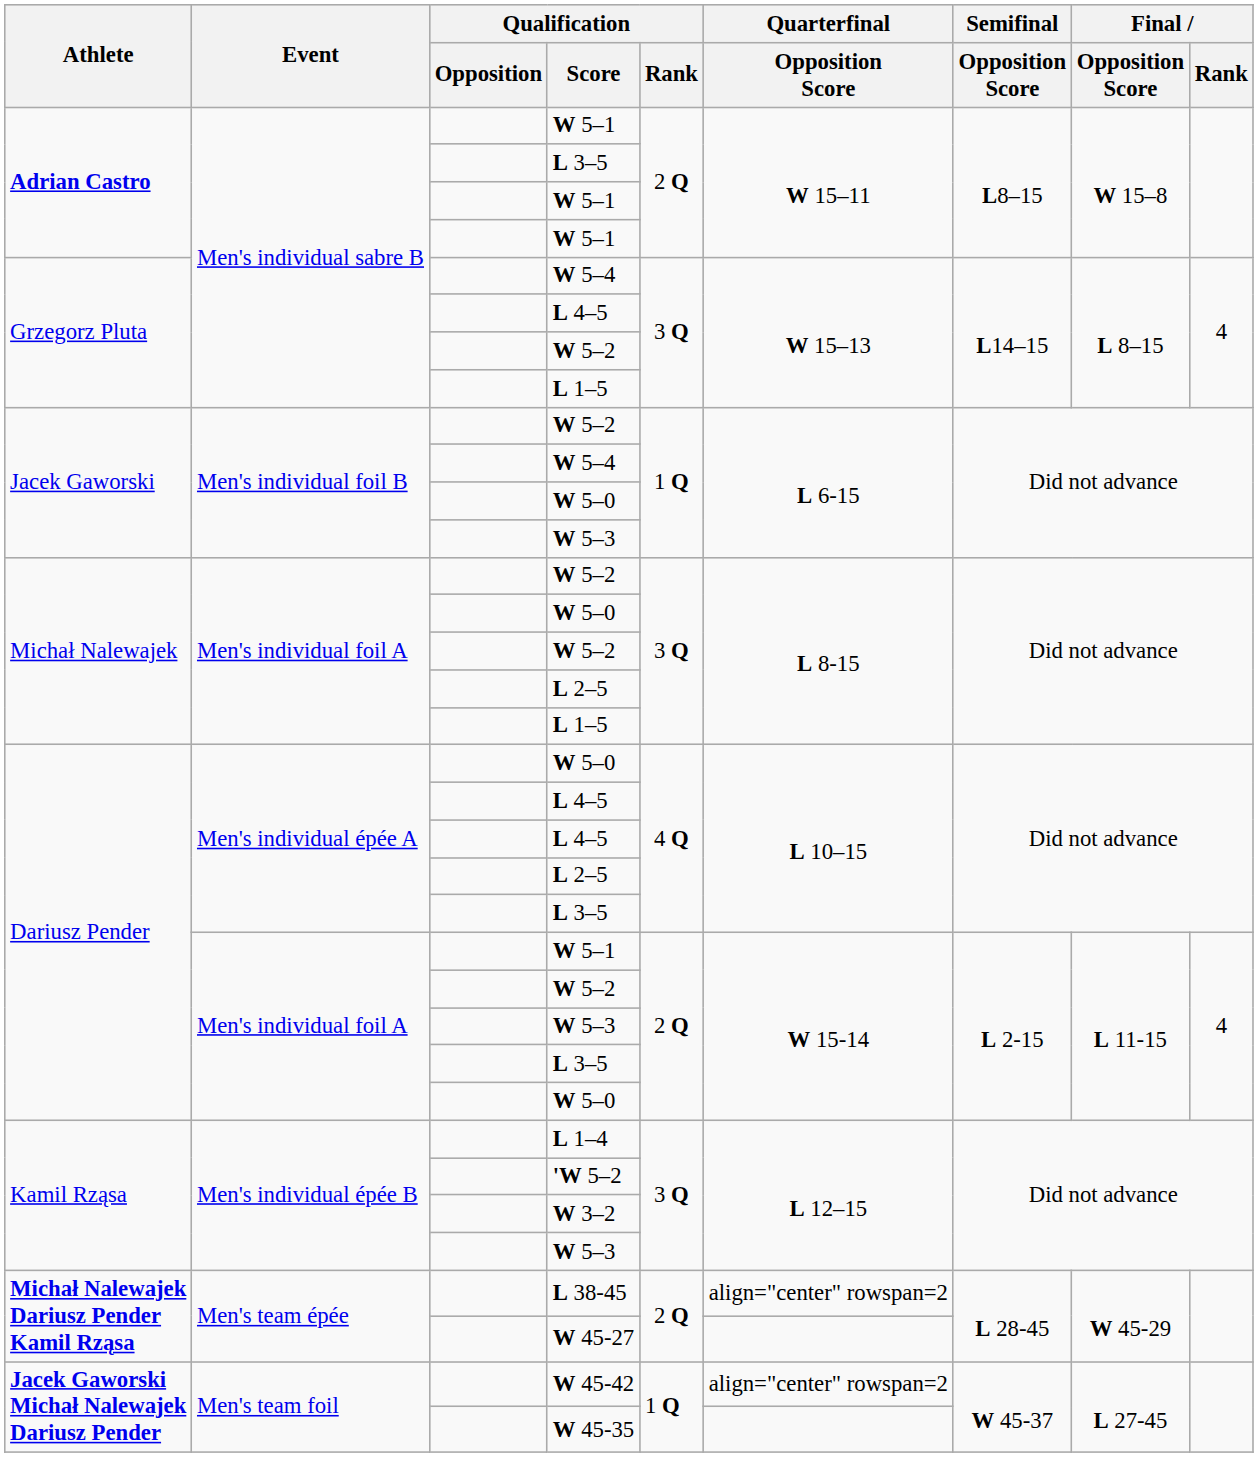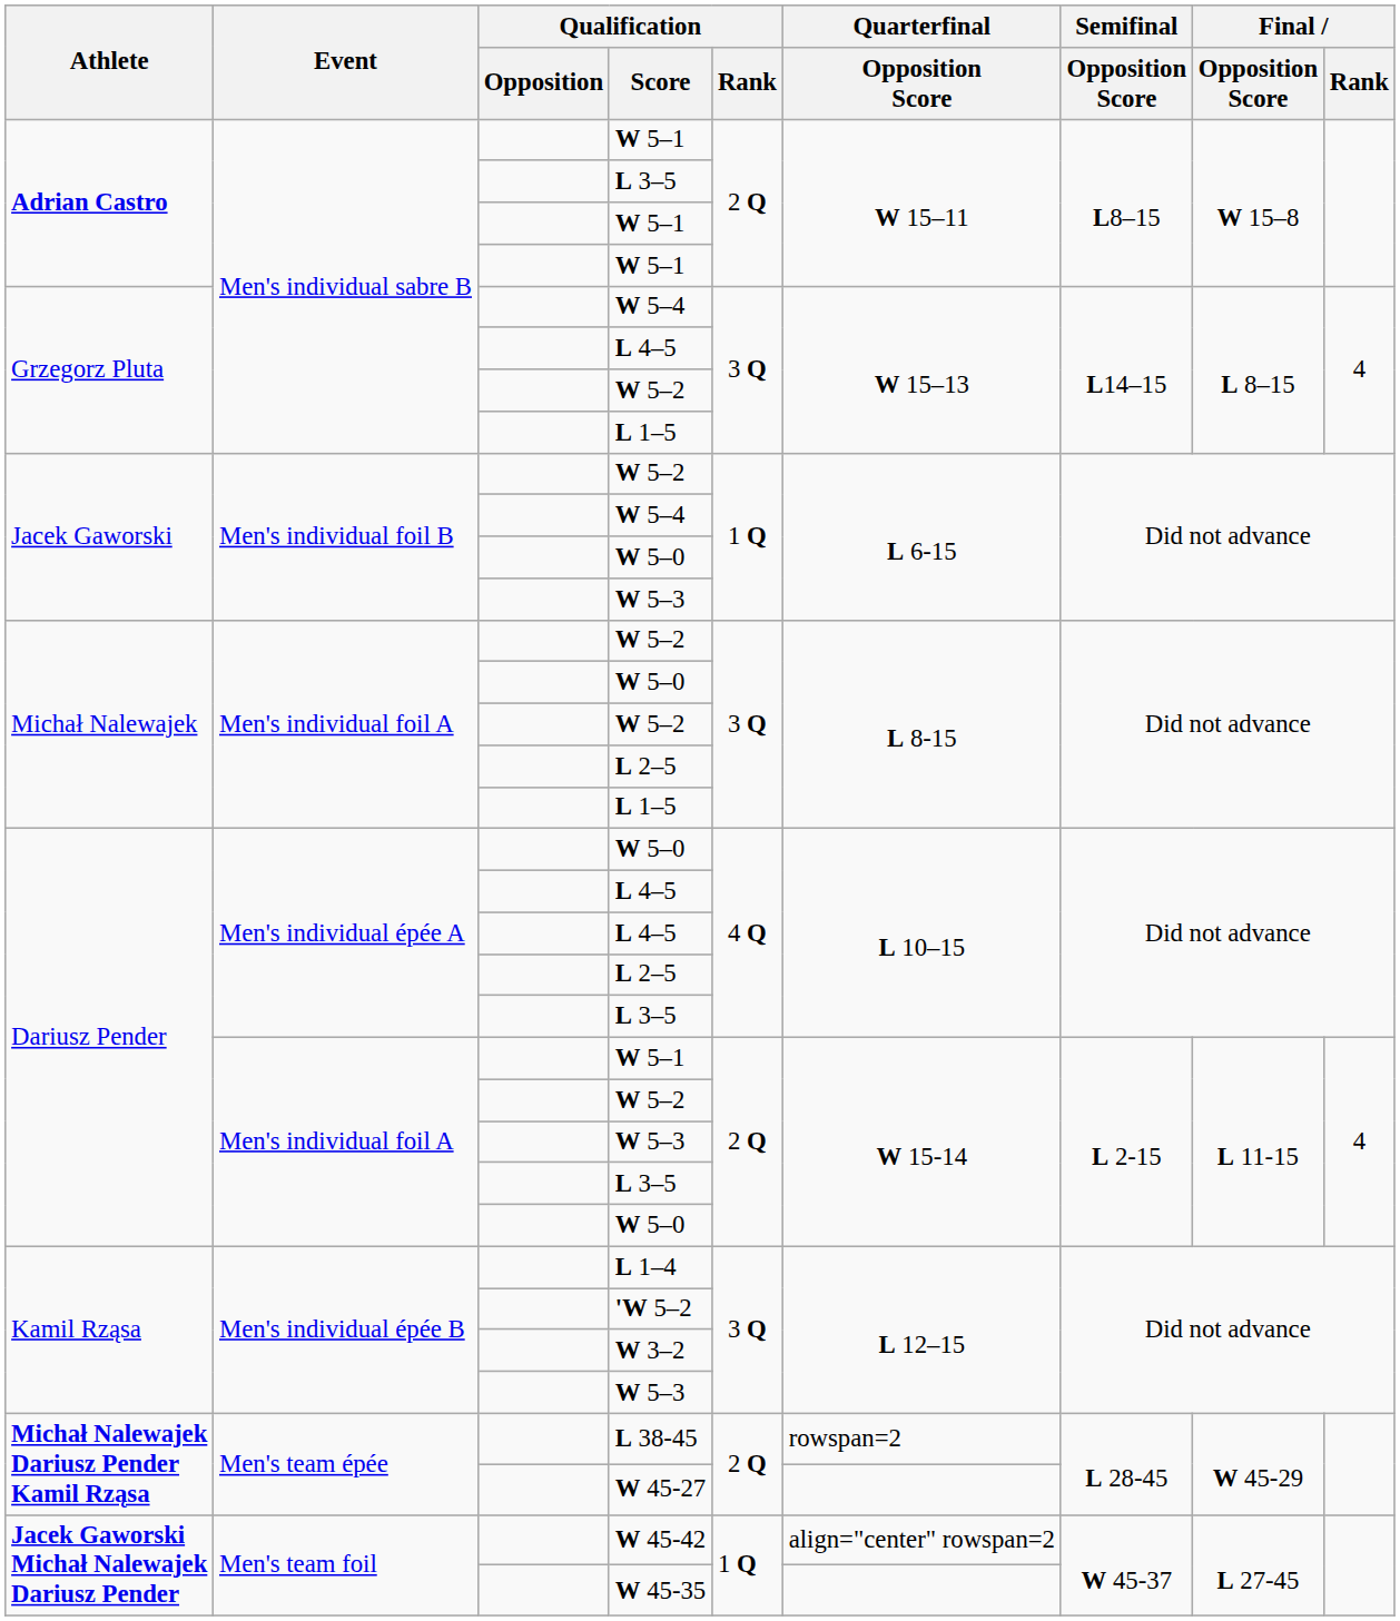 <table class=wikitable style="font-size:90%">
 <tr>
 <th rowspan="2">Athlete</th>
 <th rowspan="2">Event</th>
 <th colspan="3">Qualification</th>
 <th>Quarterfinal</th>
 <th>Semifinal</th>
 <th colspan="2">Final / </th>
 </tr>
 <tr>
 <th>Opposition</th>
 <th>Score</th>
 <th>Rank</th>
 <th>Opposition<br>Score</th>
 <th>Opposition<br>Score</th>
 <th>Opposition<br>Score</th>
 <th>Rank</th>
 </tr>
 <tr>
 <td rowspan=4><strong><a href='#'>Adrian Castro</a></strong></td>
 <td rowspan=8><a href='#'>Men's individual sabre B</a></td>
 <td></td>
 <td><strong>W</strong> 5–1</td>
 <td align="center" rowspan=4>2 <strong>Q</strong></td>
 <td align="center" rowspan=4><br><strong>W</strong> 15–11</td>
 <td align="center" rowspan=4><br><strong>L</strong>8–15</td>
 <td align="center" rowspan=4><br><strong>W</strong> 15–8</td>
 <td align="center" rowspan=4></td>
 </tr>
 <tr>
 <td></td>
 <td><strong>L</strong> 3–5</td>
 </tr>
 <tr>
 <td></td>
 <td><strong>W</strong> 5–1</td>
 </tr>
 <tr>
 <td></td>
 <td><strong>W</strong> 5–1</td>
 </tr>
 <tr>
 <td rowspan=4><a href='#'>Grzegorz Pluta</a></td>
 <td></td>
 <td><strong>W</strong> 5–4</td>
 <td align="center" rowspan=4>3 <strong>Q</strong></td>
 <td align="center" rowspan=4><br><strong>W</strong> 15–13</td>
 <td align="center" rowspan=4><br><strong>L</strong>14–15</td>
 <td align="center" rowspan=4><br><strong>L</strong> 8–15</td>
 <td align="center" rowspan=4>4</td>
 </tr>
 <tr>
 <td></td>
 <td><strong>L</strong> 4–5</td>
 </tr>
 <tr>
 <td></td>
 <td><strong>W</strong> 5–2</td>
 </tr>
 <tr>
 <td></td>
 <td><strong>L</strong> 1–5</td>
 </tr>
 <tr>
 <td rowspan=4><a href='#'>Jacek Gaworski</a></td>
 <td rowspan=4><a href='#'>Men's individual foil B</a></td>
 <td></td>
 <td><strong>W</strong> 5–2</td>
 <td align="center" rowspan=4>1 <strong>Q</strong></td>
 <td align="center" rowspan=4><br><strong>L</strong> 6-15</td>
 <td align="center" rowspan=4 colspan=3>Did not advance</td>
 </tr>
 <tr>
 <td></td>
 <td><strong>W</strong> 5–4</td>
 </tr>
 <tr>
 <td></td>
 <td><strong>W</strong> 5–0</td>
 </tr>
 <tr>
 <td></td>
 <td><strong>W</strong> 5–3</td>
 </tr>
 <tr>
 <td rowspan=5><a href='#'>Michał Nalewajek</a></td>
 <td rowspan=5><a href='#'>Men's individual foil A</a></td>
 <td></td>
 <td><strong>W</strong> 5–2</td>
 <td align="center" rowspan=5>3 <strong>Q</strong></td>
 <td align="center" rowspan=5><br><strong>L</strong> 8-15</td>
 <td align="center" rowspan=5 colspan=3>Did not advance</td>
 </tr>
 <tr>
 <td></td>
 <td><strong>W</strong> 5–0</td>
 </tr>
 <tr>
 <td></td>
 <td><strong>W</strong> 5–2</td>
 </tr>
 <tr>
 <td></td>
 <td><strong>L</strong> 2–5</td>
 </tr>
 <tr>
 <td></td>
 <td><strong>L</strong> 1–5</td>
 </tr>
 <tr>
 <td rowspan=10><a href='#'>Dariusz Pender</a></td>
 <td rowspan=5><a href='#'>Men's individual épée A</a></td>
 <td></td>
 <td><strong>W</strong> 5–0</td>
 <td align="center" rowspan=5>4 <strong>Q</strong></td>
 <td align="center" rowspan=5><br><strong>L</strong> 10–15</td>
 <td align="center" rowspan=5 colspan=3>Did not advance</td>
 </tr>
 <tr>
 <td></td>
 <td><strong>L</strong> 4–5</td>
 </tr>
 <tr>
 <td></td>
 <td><strong>L</strong> 4–5</td>
 </tr>
 <tr>
 <td></td>
 <td><strong>L</strong> 2–5</td>
 </tr>
 <tr>
 <td></td>
 <td><strong>L</strong> 3–5</td>
 </tr>
 <tr>
 <td rowspan=5><a href='#'>Men's individual foil A</a></td>
 <td></td>
 <td><strong>W</strong> 5–1</td>
 <td align="center" rowspan=5>2 <strong>Q</strong></td>
 <td align="center" rowspan=5><br><strong>W</strong> 15-14</td>
 <td align="center" rowspan=5><br><strong>L</strong> 2-15</td>
 <td align="center" rowspan=5><br><strong>L</strong> 11-15</td>
 <td align="center" rowspan=5>4</td>
 </tr>
 <tr>
 <td></td>
 <td><strong>W</strong> 5–2</td>
 </tr>
 <tr>
 <td></td>
 <td><strong>W</strong> 5–3</td>
 </tr>
 <tr>
 <td></td>
 <td><strong>L</strong> 3–5</td>
 </tr>
 <tr>
 <td></td>
 <td><strong>W</strong> 5–0</td>
 </tr>
 <tr>
 <td rowspan=4><a href='#'>Kamil Rząsa</a></td>
 <td rowspan=4><a href='#'>Men's individual épée B</a></td>
 <td></td>
 <td><strong>L</strong> 1–4</td>
 <td align="center" rowspan=4>3 <strong>Q</strong></td>
 <td align="center" rowspan=4><br> <strong>L</strong> 12–15</td>
 <td align="center" rowspan=4 colspan=3>Did not advance</td>
 </tr>
 <tr>
 <td></td>
 <td><strong>'W</strong> 5–2</td>
 </tr>
 <tr>
 <td></td>
 <td><strong>W</strong> 3–2</td>
 </tr>
 <tr>
 <td></td>
 <td><strong>W</strong> 5–3</td>
 </tr>
 <tr>
 <td align=left rowspan=2><strong><a href='#'>Michał Nalewajek</a><br><a href='#'>Dariusz Pender</a><br><a href='#'>Kamil Rząsa</a></strong></td>
 <td align=left rowspan=2><a href='#'>Men's team épée</a></td>
 <td></td>
 <td><strong>L</strong> 38-45</td>
 <td align="center" rowspan=2>2 <strong>Q</strong></td>
-<td>align="center" rowspan=2</td>
+<td>rowspan=2</td>
 <td align="center" rowspan=2><br><strong>L</strong> 28-45</td>
 <td align="center" rowspan=2><br><strong>W</strong> 45-29</td>
 <td align="center" rowspan=2></td>
 </tr>
 <tr>
 <td></td>
 <td><strong>W</strong> 45-27</td>
 </tr>
 <tr>
 <td align=left rowspan=2><strong><a href='#'>Jacek Gaworski</a><br><a href='#'>Michał Nalewajek</a><br><a href='#'>Dariusz Pender</a></strong></td>
 <td align=left rowspan=2><a href='#'>Men's team foil</a></td>
 <td></td>
 <td><strong>W</strong> 45-42</td>
 <td rowspan=2>1 <strong>Q</strong></td>
 <td>align="center" rowspan=2</td>
 <td align="center" rowspan=2><br><strong>W</strong> 45-37</td>
 <td align="center" rowspan=2><br><strong>L</strong> 27-45</td>
 <td align="center" rowspan=2></td>
 </tr>
 <tr>
 <td></td>
 <td><strong>W</strong> 45-35</td>
 </tr>
 </table>
